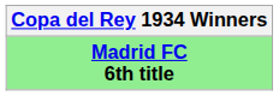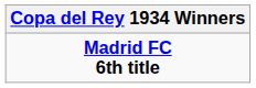 <table class="wikitable" style="text-align: center; margin: 0 auto;">
 <tr>
 <th><a href='#'>Copa del Rey</a> 1934 Winners</th>
 </tr>
 <tr>
-<td style="background: lightgreen;"><strong><a href='#'>Madrid FC</a></strong><br><strong>6th title</strong></td>
+<td><strong><a href='#'>Madrid FC</a></strong><br><strong>6th title</strong></td>
 </tr>
 </table>
